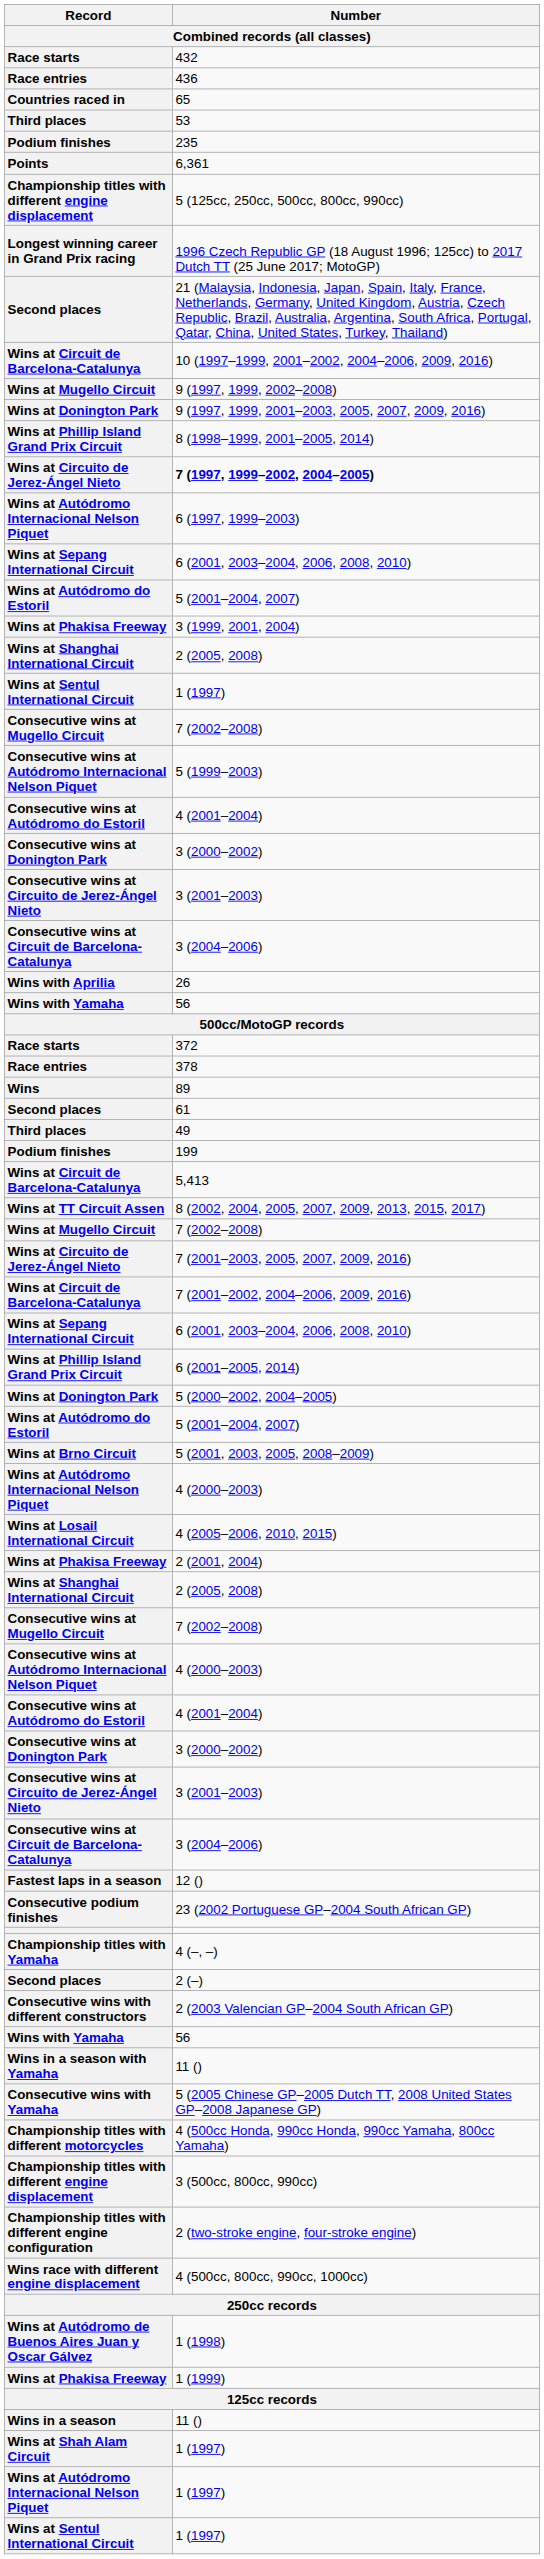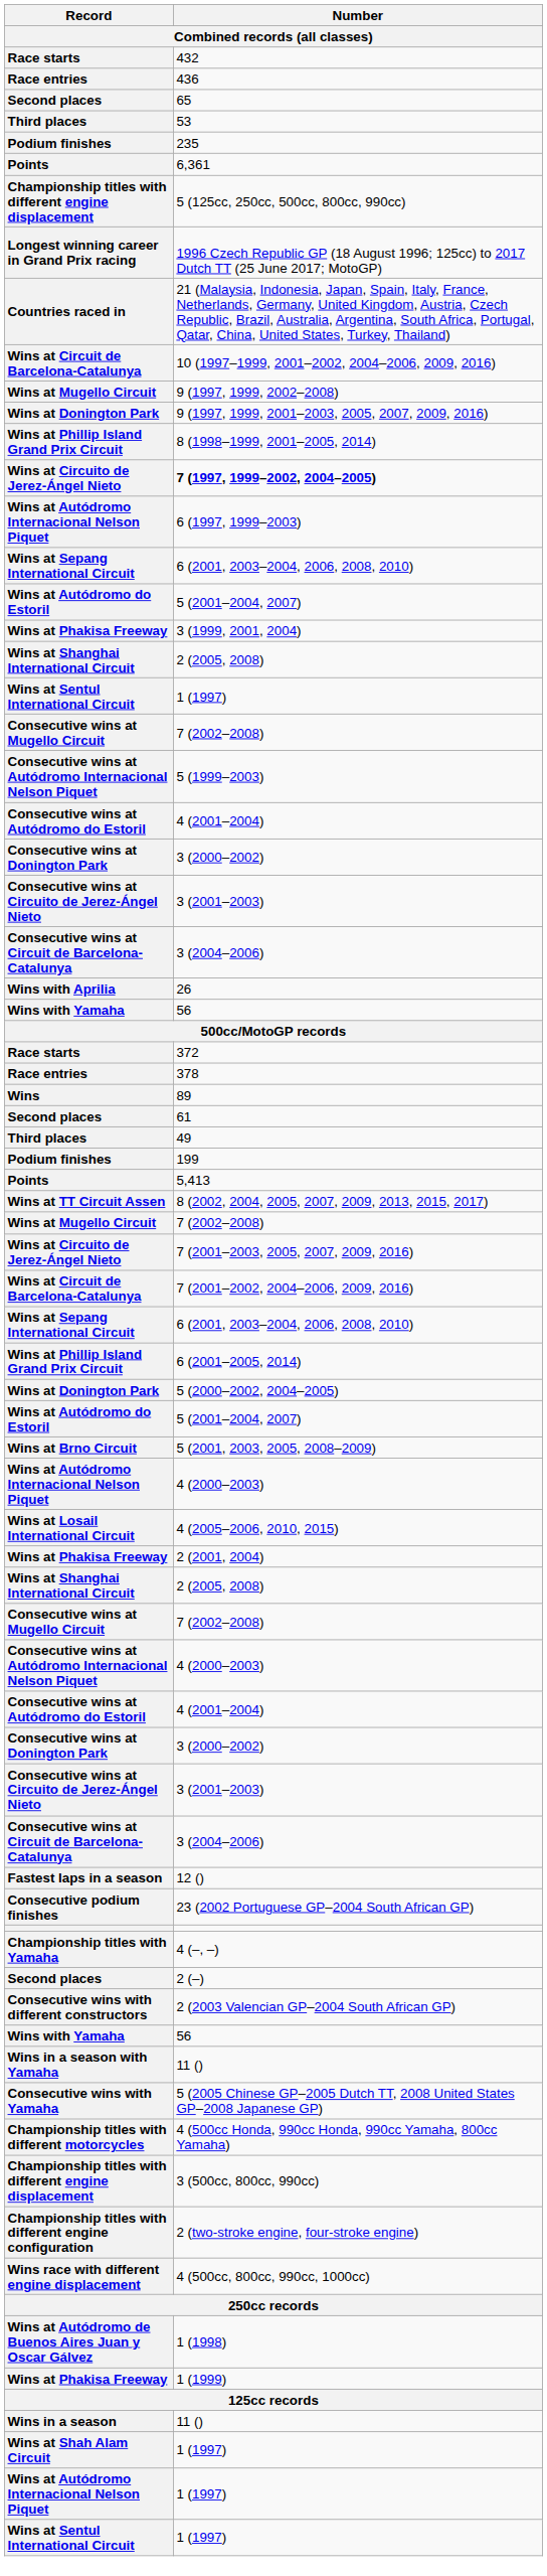 <table class="wikitable" border="1" style="font-size:95%">
 <tr>
 <th>Record</th>
 <th>Number</th>
 </tr>
 <tr>
 <th colspan=2>Combined records (all classes)</th>
 </tr>
 <tr>
 <th style="text-align:left;">Race starts</th>
 <td>432</td>
 </tr>
 <tr>
 <th style="text-align:left;">Race entries</th>
 <td>436</td>
 </tr>
 <tr>
-<th style="text-align:left;">Countries raced in</th>
+<th style="text-align:left;">Second places</th>
 <td>65</td>
 </tr>
 <tr>
 <th style="text-align:left;">Third places</th>
 <td>53</td>
 </tr>
 <tr>
 <th style="text-align:left;">Podium finishes</th>
 <td>235</td>
 </tr>
 <tr>
 <th style="text-align:left;">Points</th>
 <td>6,361</td>
 </tr>
 <tr>
 <th style="text-align:left;">Championship titles with different <a href='#'>engine displacement</a></th>
 <td>5 (125cc, 250cc, 500cc, 800cc, 990cc)</td>
 </tr>
 <tr>
 <th style="text-align:left;">Longest winning career in Grand Prix racing</th>
 <td><br><a href='#'>1996 Czech Republic GP</a> (18 August 1996; 125cc) to <a href='#'>2017 Dutch TT</a> (25 June 2017; MotoGP)</td>
 </tr>
 <tr>
-<th style="text-align:left;">Second places</th>
+<th style="text-align:left;">Countries raced in</th>
 <td>21 (<a href='#'>Malaysia</a>, <a href='#'>Indonesia</a>, <a href='#'>Japan</a>, <a href='#'>Spain</a>, <a href='#'>Italy</a>, <a href='#'>France</a>, <a href='#'>Netherlands</a>, <a href='#'>Germany</a>, <a href='#'>United Kingdom</a>, <a href='#'>Austria</a>, <a href='#'>Czech Republic</a>, <a href='#'>Brazil</a>, <a href='#'>Australia</a>, <a href='#'>Argentina</a>, <a href='#'>South Africa</a>, <a href='#'>Portugal</a>, <a href='#'>Qatar</a>, <a href='#'>China</a>, <a href='#'>United States</a>, <a href='#'>Turkey</a>, <a href='#'>Thailand</a>)</td>
 </tr>
 <tr>
 <th style="text-align:left;">Wins at <a href='#'>Circuit de Barcelona-Catalunya</a></th>
 <td>10 (<a href='#'>1997</a>–<a href='#'>1999</a>, <a href='#'>2001</a>–<a href='#'>2002</a>, <a href='#'>2004</a>–<a href='#'>2006</a>, <a href='#'>2009</a>, <a href='#'>2016</a>)</td>
 </tr>
 <tr>
 <th style="text-align:left;">Wins at <a href='#'>Mugello Circuit</a></th>
 <td>9 (<a href='#'>1997</a>, <a href='#'>1999</a>, <a href='#'>2002</a>–<a href='#'>2008</a>)</td>
 </tr>
 <tr>
 <th style="text-align:left;">Wins at <a href='#'>Donington Park</a></th>
 <td>9 (<a href='#'>1997</a>, <a href='#'>1999</a>, <a href='#'>2001</a>–<a href='#'>2003</a>, <a href='#'>2005</a>, <a href='#'>2007</a>, <a href='#'>2009</a>, <a href='#'>2016</a>)</td>
 </tr>
 <tr>
 <th style="text-align:left;">Wins at <a href='#'>Phillip Island Grand Prix Circuit</a></th>
 <td>8 (<a href='#'>1998</a>–<a href='#'>1999</a>, <a href='#'>2001</a>–<a href='#'>2005</a>, <a href='#'>2014</a>)</td>
 </tr>
 <tr>
 <th style="text-align:left;">Wins at <a href='#'>Circuito de Jerez-Ángel Nieto</a></th>
 <td><strong>7 (<a href='#'>1997</a>, <a href='#'>1999</a>–<a href='#'>2002</a>, <a href='#'>2004</a>–<a href='#'>2005</a>)</strong></td>
 </tr>
 <tr>
 <th style="text-align:left;">Wins at <a href='#'>Autódromo Internacional Nelson Piquet</a></th>
 <td>6 (<a href='#'>1997</a>, <a href='#'>1999</a>–<a href='#'>2003</a>)</td>
 </tr>
 <tr>
 <th style="text-align:left;">Wins at <a href='#'>Sepang International Circuit</a></th>
 <td>6 (<a href='#'>2001</a>, <a href='#'>2003</a>–<a href='#'>2004</a>, <a href='#'>2006</a>, <a href='#'>2008</a>, <a href='#'>2010</a>)</td>
 </tr>
 <tr>
 <th style="text-align:left;">Wins at <a href='#'>Autódromo do Estoril</a></th>
 <td>5 (<a href='#'>2001</a>–<a href='#'>2004</a>, <a href='#'>2007</a>)</td>
 </tr>
 <tr>
 <th style="text-align:left;">Wins at <a href='#'>Phakisa Freeway</a></th>
 <td>3 (<a href='#'>1999</a>, <a href='#'>2001</a>, <a href='#'>2004</a>)</td>
 </tr>
 <tr>
 <th style="text-align:left;">Wins at <a href='#'>Shanghai International Circuit</a></th>
 <td>2 (<a href='#'>2005</a>, <a href='#'>2008</a>)</td>
 </tr>
 <tr>
 <th style="text-align:left;">Wins at <a href='#'>Sentul International Circuit</a></th>
 <td>1 (<a href='#'>1997</a>)</td>
 </tr>
 <tr>
 <th style="text-align:left;">Consecutive wins at <a href='#'>Mugello Circuit</a></th>
 <td>7 (<a href='#'>2002</a>–<a href='#'>2008</a>)</td>
 </tr>
 <tr>
 <th style="text-align:left;">Consecutive wins at <a href='#'>Autódromo Internacional Nelson Piquet</a></th>
 <td>5 (<a href='#'>1999</a>–<a href='#'>2003</a>)</td>
 </tr>
 <tr>
 <th style="text-align:left;">Consecutive wins at <a href='#'>Autódromo do Estoril</a></th>
 <td>4 (<a href='#'>2001</a>–<a href='#'>2004</a>)</td>
 </tr>
 <tr>
 <th style="text-align:left;">Consecutive wins at <a href='#'>Donington Park</a></th>
 <td>3 (<a href='#'>2000</a>–<a href='#'>2002</a>)</td>
 </tr>
 <tr>
 <th style="text-align:left;">Consecutive wins at <a href='#'>Circuito de Jerez-Ángel Nieto</a></th>
 <td>3 (<a href='#'>2001</a>–<a href='#'>2003</a>)</td>
 </tr>
 <tr>
 <th style="text-align:left;">Consecutive wins at <a href='#'>Circuit de Barcelona-Catalunya</a></th>
 <td>3 (<a href='#'>2004</a>–<a href='#'>2006</a>)</td>
 </tr>
 <tr>
 <th style="text-align:left;">Wins with <a href='#'>Aprilia</a></th>
 <td>26</td>
 </tr>
 <tr>
 <th style="text-align:left;">Wins with <a href='#'>Yamaha</a></th>
 <td>56</td>
 </tr>
 <tr>
 <th colspan=2>500cc/MotoGP records</th>
 </tr>
 <tr>
 <th style="text-align:left;">Race starts</th>
 <td>372</td>
 </tr>
 <tr>
 <th style="text-align:left;">Race entries</th>
 <td>378</td>
 </tr>
 <tr>
 <th style="text-align:left;">Wins</th>
 <td>89</td>
 </tr>
 <tr>
 <th style="text-align:left;">Second places</th>
 <td>61</td>
 </tr>
 <tr>
 <th style="text-align:left;">Third places</th>
 <td>49</td>
 </tr>
 <tr>
 <th style="text-align:left;">Podium finishes</th>
 <td>199</td>
 </tr>
 <tr>
-<th style="text-align:left;">Wins at <a href='#'>Circuit de Barcelona-Catalunya</a></th>
+<th style="text-align:left;">Points</th>
 <td>5,413</td>
 </tr>
 <tr>
 <th style="text-align:left;">Wins at <a href='#'>TT Circuit Assen</a></th>
 <td>8 (<a href='#'>2002</a>, <a href='#'>2004</a>, <a href='#'>2005</a>, <a href='#'>2007</a>, <a href='#'>2009</a>, <a href='#'>2013</a>, <a href='#'>2015</a>, <a href='#'>2017</a>)</td>
 </tr>
 <tr>
 <th style="text-align:left;">Wins at <a href='#'>Mugello Circuit</a></th>
 <td>7 (<a href='#'>2002</a>–<a href='#'>2008</a>)</td>
 </tr>
 <tr>
 <th style="text-align:left;">Wins at <a href='#'>Circuito de Jerez-Ángel Nieto</a></th>
 <td>7 (<a href='#'>2001</a>–<a href='#'>2003</a>, <a href='#'>2005</a>, <a href='#'>2007</a>, <a href='#'>2009</a>, <a href='#'>2016</a>)</td>
 </tr>
 <tr>
 <th style="text-align:left;">Wins at <a href='#'>Circuit de Barcelona-Catalunya</a></th>
 <td>7 (<a href='#'>2001</a>–<a href='#'>2002</a>, <a href='#'>2004</a>–<a href='#'>2006</a>, <a href='#'>2009</a>, <a href='#'>2016</a>)</td>
 </tr>
 <tr>
 <th style="text-align:left;">Wins at <a href='#'>Sepang International Circuit</a></th>
 <td>6 (<a href='#'>2001</a>, <a href='#'>2003</a>–<a href='#'>2004</a>, <a href='#'>2006</a>, <a href='#'>2008</a>, <a href='#'>2010</a>)</td>
 </tr>
 <tr>
 <th style="text-align:left;">Wins at <a href='#'>Phillip Island Grand Prix Circuit</a></th>
 <td>6 (<a href='#'>2001</a>–<a href='#'>2005</a>, <a href='#'>2014</a>)</td>
 </tr>
 <tr>
 <th style="text-align:left;">Wins at <a href='#'>Donington Park</a></th>
 <td>5 (<a href='#'>2000</a>–<a href='#'>2002</a>, <a href='#'>2004</a>–<a href='#'>2005</a>)</td>
 </tr>
 <tr>
 <th style="text-align:left;">Wins at <a href='#'>Autódromo do Estoril</a></th>
 <td>5 (<a href='#'>2001</a>–<a href='#'>2004</a>, <a href='#'>2007</a>)</td>
 </tr>
 <tr>
 <th style="text-align:left;">Wins at <a href='#'>Brno Circuit</a></th>
 <td>5 (<a href='#'>2001</a>, <a href='#'>2003</a>, <a href='#'>2005</a>, <a href='#'>2008</a>–<a href='#'>2009</a>)</td>
 </tr>
 <tr>
 <th style="text-align:left;">Wins at <a href='#'>Autódromo Internacional Nelson Piquet</a></th>
 <td>4 (<a href='#'>2000</a>–<a href='#'>2003</a>)</td>
 </tr>
 <tr>
 <th style="text-align:left;">Wins at <a href='#'>Losail International Circuit</a></th>
 <td>4 (<a href='#'>2005</a>–<a href='#'>2006</a>, <a href='#'>2010</a>, <a href='#'>2015</a>)</td>
 </tr>
 <tr>
 <th style="text-align:left;">Wins at <a href='#'>Phakisa Freeway</a></th>
 <td>2 (<a href='#'>2001</a>, <a href='#'>2004</a>)</td>
 </tr>
 <tr>
 <th style="text-align:left;">Wins at <a href='#'>Shanghai International Circuit</a></th>
 <td>2 (<a href='#'>2005</a>, <a href='#'>2008</a>)</td>
 </tr>
 <tr>
 <th style="text-align:left;">Consecutive wins at <a href='#'>Mugello Circuit</a></th>
 <td>7 (<a href='#'>2002</a>–<a href='#'>2008</a>)</td>
 </tr>
 <tr>
 <th style="text-align:left;">Consecutive wins at <a href='#'>Autódromo Internacional Nelson Piquet</a></th>
 <td>4 (<a href='#'>2000</a>–<a href='#'>2003</a>)</td>
 </tr>
 <tr>
 <th style="text-align:left;">Consecutive wins at <a href='#'>Autódromo do Estoril</a></th>
 <td>4 (<a href='#'>2001</a>–<a href='#'>2004</a>)</td>
 </tr>
 <tr>
 <th style="text-align:left;">Consecutive wins at <a href='#'>Donington Park</a></th>
 <td>3 (<a href='#'>2000</a>–<a href='#'>2002</a>)</td>
 </tr>
 <tr>
 <th style="text-align:left;">Consecutive wins at <a href='#'>Circuito de Jerez-Ángel Nieto</a></th>
 <td>3 (<a href='#'>2001</a>–<a href='#'>2003</a>)</td>
 </tr>
 <tr>
 <th style="text-align:left;">Consecutive wins at <a href='#'>Circuit de Barcelona-Catalunya</a></th>
 <td>3 (<a href='#'>2004</a>–<a href='#'>2006</a>)</td>
 </tr>
 <tr>
 <th style="text-align:left;">Fastest laps in a season</th>
 <td>12 ()</td>
 </tr>
 <tr>
 <th style="text-align:left;">Consecutive podium finishes</th>
 <td>23 (<a href='#'>2002 Portuguese GP</a>–<a href='#'>2004 South African GP</a>)</td>
 </tr>
 <tr>
 <th style="text-align:left;"></th>
 </tr>
 <tr>
 <th style="text-align:left;">Championship titles with <a href='#'>Yamaha</a></th>
 <td>4 (–, –)</td>
 </tr>
 <tr>
 <th style="text-align:left;">Second places</th>
 <td>2 (–)</td>
 </tr>
 <tr>
 <th style="text-align:left;">Consecutive wins with different constructors</th>
 <td>2 (<a href='#'>2003 Valencian GP</a>–<a href='#'>2004 South African GP</a>)</td>
 </tr>
 <tr>
 <th style="text-align:left;">Wins with <a href='#'>Yamaha</a></th>
 <td>56</td>
 </tr>
 <tr>
 <th style="text-align:left;">Wins in a season with <a href='#'>Yamaha</a></th>
 <td>11 ()</td>
 </tr>
 <tr>
 <th style="text-align:left;">Consecutive wins with <a href='#'>Yamaha</a></th>
 <td>5 (<a href='#'>2005 Chinese GP</a>–<a href='#'>2005 Dutch TT</a>, <a href='#'>2008 United States GP</a>–<a href='#'>2008 Japanese GP</a>)</td>
 </tr>
 <tr>
 <th style="text-align:left;">Championship titles with different <a href='#'>motorcycles</a></th>
 <td>4 (<a href='#'>500cc Honda</a>, <a href='#'>990cc Honda</a>, <a href='#'>990cc Yamaha</a>, <a href='#'>800cc Yamaha</a>)</td>
 </tr>
 <tr>
 <th style="text-align:left;">Championship titles with different <a href='#'>engine displacement</a></th>
 <td>3 (500cc, 800cc, 990cc)</td>
 </tr>
 <tr>
 <th style="text-align:left;">Championship titles with different engine configuration</th>
 <td>2 (<a href='#'>two-stroke engine</a>, <a href='#'>four-stroke engine</a>)</td>
 </tr>
 <tr>
 <th style="text-align:left;">Wins race with different <a href='#'>engine displacement</a></th>
 <td>4 (500cc, 800cc, 990cc, 1000cc)</td>
 </tr>
 <tr>
 <th colspan=2>250cc records</th>
 </tr>
 <tr>
 <th style="text-align:left;">Wins at <a href='#'>Autódromo de Buenos Aires Juan y Oscar Gálvez</a></th>
 <td>1 (<a href='#'>1998</a>)</td>
 </tr>
 <tr>
 <th style="text-align:left;">Wins at <a href='#'>Phakisa Freeway</a></th>
 <td>1 (<a href='#'>1999</a>)</td>
 </tr>
 <tr>
 <th colspan=2>125cc records</th>
 </tr>
 <tr>
 <th style="text-align:left;">Wins in a season</th>
 <td>11 ()</td>
 </tr>
 <tr>
 <th style="text-align:left;">Wins at <a href='#'>Shah Alam Circuit</a></th>
 <td>1 (<a href='#'>1997</a>)</td>
 </tr>
 <tr>
 <th style="text-align:left;">Wins at <a href='#'>Autódromo Internacional Nelson Piquet</a></th>
 <td>1 (<a href='#'>1997</a>)</td>
 </tr>
 <tr>
 <th style="text-align:left;">Wins at <a href='#'>Sentul International Circuit</a></th>
 <td>1 (<a href='#'>1997</a>)</td>
 </tr>
 </table>
